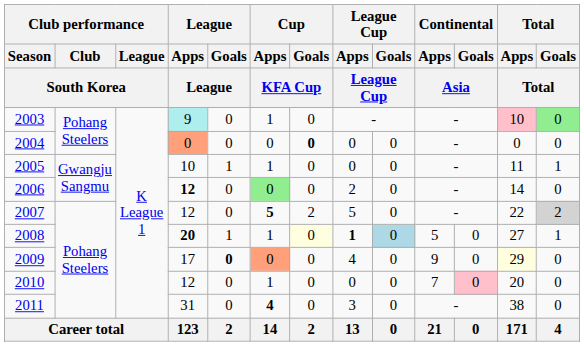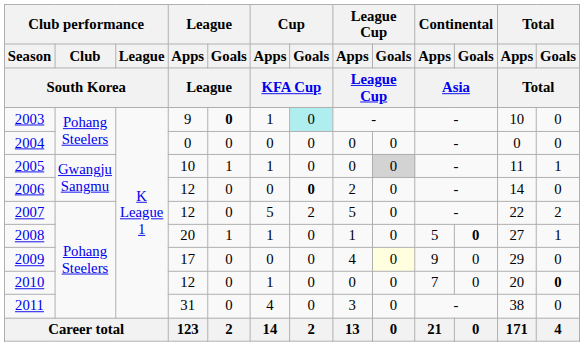 <table class="wikitable" style="text-align:center">
 <tr>
 <th colspan=3>Club performance</th>
 <th colspan=2>League</th>
 <th colspan=2>Cup</th>
 <th colspan=2>League Cup</th>
 <th colspan=2>Continental</th>
 <th colspan=2>Total</th>
 </tr>
 <tr>
 <th>Season</th>
 <th>Club</th>
 <th>League</th>
 <th>Apps</th>
 <th>Goals</th>
 <th>Apps</th>
 <th>Goals</th>
 <th>Apps</th>
 <th>Goals</th>
 <th>Apps</th>
 <th>Goals</th>
 <th>Apps</th>
 <th>Goals</th>
 </tr>
 <tr>
 <th colspan=3>South Korea</th>
 <th colspan=2>League</th>
 <th colspan=2><a href='#'>KFA Cup</a></th>
 <th colspan=2><a href='#'>League Cup</a></th>
 <th colspan=2><a href='#'>Asia</a></th>
 <th colspan=2>Total</th>
 </tr>
 <tr>
 <td><a href='#'>2003</a></td>
 <td rowspan="2"><a href='#'>Pohang Steelers</a></td>
 <td rowspan="9"><a href='#'>K League 1</a></td>
-<td style="background: paleturquoise;">9</td>
-<td>0</td>
+<td>9</td>
+<td><strong>0</strong></td>
 <td>1</td>
-<td>0</td>
+<td style="background: paleturquoise;">0</td>
 <td colspan="2">-</td>
 <td colspan="2">-</td>
-<td style="background: pink;">10</td>
-<td style="background: lightgreen;">0</td>
+<td>10</td>
+<td>0</td>
 </tr>
 <tr>
 <td><a href='#'>2004</a></td>
-<td style="background: lightsalmon;">0</td>
 <td>0</td>
 <td>0</td>
-<td><strong>0</strong></td>
+<td>0</td>
+<td>0</td>
 <td>0</td>
 <td>0</td>
 <td colspan="2">-</td>
 <td>0</td>
 <td>0</td>
 </tr>
 <tr>
 <td><a href='#'>2005</a></td>
 <td rowspan="2"><a href='#'>Gwangju Sangmu</a></td>
 <td>10</td>
 <td>1</td>
 <td>1</td>
 <td>0</td>
 <td>0</td>
-<td>0</td>
+<td style="background: lightgrey;">0</td>
 <td colspan="2">-</td>
 <td>11</td>
 <td>1</td>
 </tr>
 <tr>
 <td><a href='#'>2006</a></td>
-<td><strong>12</strong></td>
+<td>12</td>
 <td>0</td>
-<td style="background: lightgreen;">0</td>
 <td>0</td>
+<td><strong>0</strong></td>
 <td>2</td>
 <td>0</td>
 <td colspan="2">-</td>
 <td>14</td>
 <td>0</td>
 </tr>
 <tr>
 <td><a href='#'>2007</a></td>
 <td rowspan="5"><a href='#'>Pohang Steelers</a></td>
 <td>12</td>
 <td>0</td>
-<td><strong>5</strong></td>
+<td>5</td>
 <td>2</td>
 <td>5</td>
 <td>0</td>
 <td colspan="2">-</td>
 <td>22</td>
-<td style="background: lightgrey;">2</td>
+<td>2</td>
 </tr>
 <tr>
 <td><a href='#'>2008</a></td>
-<td><strong>20</strong></td>
+<td>20</td>
 <td>1</td>
 <td>1</td>
-<td style="background: lightyellow;">0</td>
-<td><strong>1</strong></td>
-<td style="background: lightblue;">0</td>
+<td>0</td>
+<td>1</td>
+<td>0</td>
 <td>5</td>
-<td>0</td>
+<td><strong>0</strong></td>
 <td>27</td>
 <td>1</td>
 </tr>
 <tr>
 <td><a href='#'>2009</a></td>
 <td>17</td>
-<td><strong>0</strong></td>
-<td style="background: lightsalmon;">0</td>
+<td>0</td>
+<td>0</td>
 <td>0</td>
 <td>4</td>
-<td>0</td>
+<td style="background: lightyellow;">0</td>
 <td>9</td>
 <td>0</td>
-<td style="background: lightyellow;">29</td>
+<td>29</td>
 <td>0</td>
 </tr>
 <tr>
 <td><a href='#'>2010</a></td>
 <td>12</td>
 <td>0</td>
 <td>1</td>
 <td>0</td>
 <td>0</td>
 <td>0</td>
 <td>7</td>
-<td style="background: pink;">0</td>
+<td>0</td>
 <td>20</td>
-<td>0</td>
+<td><strong>0</strong></td>
 </tr>
 <tr>
 <td><a href='#'>2011</a></td>
 <td>31</td>
 <td>0</td>
-<td><strong>4</strong></td>
+<td>4</td>
 <td>0</td>
 <td>3</td>
 <td>0</td>
 <td colspan="2">-</td>
 <td>38</td>
 <td>0</td>
 </tr>
 <tr>
 <th colspan=3>Career total</th>
 <th>123</th>
 <th>2</th>
 <th>14</th>
 <th>2</th>
 <th>13</th>
 <th>0</th>
 <th>21</th>
 <th>0</th>
 <th>171</th>
 <th>4</th>
 </tr>
 </table>
